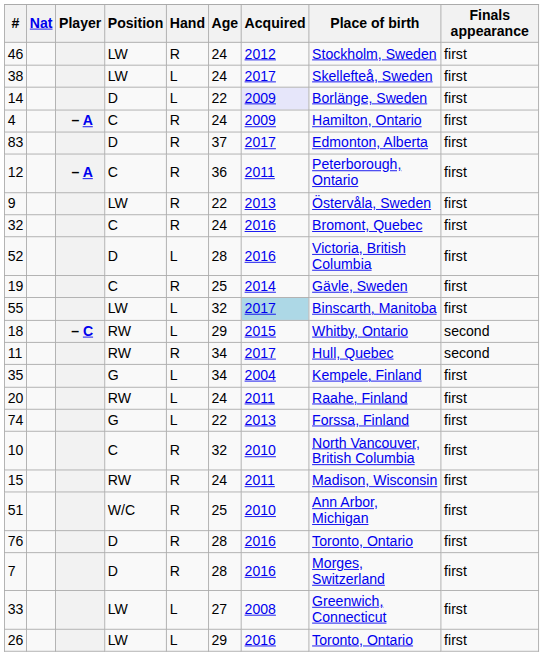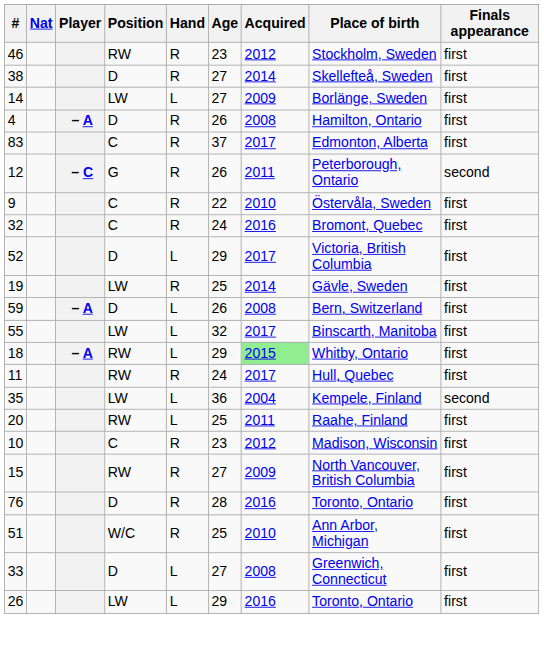 <table class="sortable wikitable plainrowheaders">
 <tr style="text-align:center;">
 </tr>
 <tr style="background:#dddddd;">
 <th scope="col">#</th>
 <th scope="col"><a href='#'>Nat</a></th>
 <th scope="col">Player</th>
 <th scope="col">Position</th>
 <th scope="col">Hand</th>
 <th scope="col">Age</th>
 <th scope="col">Acquired</th>
 <th scope="col" class="unsortable">Place of birth</th>
 <th scope="col" class="unsortable">Finals appearance</th>
 </tr>
 <tr>
 <td>46</td>
 <td></td>
 <th scope="row" align="left"></th>
-<td>LW</td>
+<td>RW</td>
 <td>R</td>
-<td>24</td>
+<td>23</td>
 <td><a href='#'>2012</a></td>
 <td align="left"><a href='#'>Stockholm, Sweden</a></td>
 <td align="left">first</td>
 </tr>
 <tr>
 <td>38</td>
 <td></td>
 <th scope="row" align="left"></th>
-<td>LW</td>
-<td>L</td>
-<td>24</td>
-<td><a href='#'>2017</a></td>
+<td>D</td>
+<td>R</td>
+<td>27</td>
+<td><a href='#'>2014</a></td>
 <td align="left"><a href='#'>Skellefteå, Sweden</a></td>
 <td align="left">first<br>   </td>
 </tr>
 <tr>
 <td>14</td>
 <td></td>
 <th scope="row" align="left"></th>
-<td>D</td>
+<td>LW</td>
 <td>L</td>
-<td>22</td>
-<td style="background: lavender;"><a href='#'>2009</a></td>
+<td>27</td>
+<td><a href='#'>2009</a></td>
 <td align="left"><a href='#'>Borlänge, Sweden</a></td>
 <td align="left">first</td>
 </tr>
 <tr>
 <td>4</td>
 <td></td>
 <th scope="row" align="left"> – <a href='#'>A</a></th>
-<td>C</td>
+<td>D</td>
 <td>R</td>
-<td>24</td>
-<td><a href='#'>2009</a></td>
+<td>26</td>
+<td><a href='#'>2008</a></td>
 <td align="left"><a href='#'>Hamilton, Ontario</a></td>
 <td align="left">first</td>
 </tr>
 <tr>
 <td>83</td>
 <td></td>
 <th scope="row" align="left"></th>
-<td>D</td>
+<td>C</td>
 <td>R</td>
 <td>37</td>
 <td><a href='#'>2017</a></td>
 <td align="left"><a href='#'>Edmonton, Alberta</a></td>
 <td align="left">first</td>
 </tr>
 <tr>
 <td>12</td>
 <td></td>
-<th scope="row" align="left"> – <a href='#'>A</a></th>
-<td>C</td>
+<th scope="row" align="left"> – <a href='#'>C</a></th>
+<td>G</td>
 <td>R</td>
-<td>36</td>
+<td>26</td>
 <td><a href='#'>2011</a></td>
 <td align="left"><a href='#'>Peterborough, Ontario</a></td>
-<td align="left">first</td>
+<td align="left">second </td>
 </tr>
 <tr>
 <td>9</td>
 <td></td>
 <th scope="row" align="left"></th>
-<td>LW</td>
+<td>C</td>
 <td>R</td>
 <td>22</td>
-<td><a href='#'>2013</a></td>
+<td><a href='#'>2010</a></td>
 <td align="left"><a href='#'>Östervåla, Sweden</a></td>
 <td align="left">first</td>
 </tr>
 <tr>
 <td>32</td>
 <td></td>
 <th scope="row" align="left"></th>
 <td>C</td>
 <td>R</td>
 <td>24</td>
 <td><a href='#'>2016</a></td>
 <td align="left"><a href='#'>Bromont, Quebec</a></td>
 <td align="left">first<br> </td>
 </tr>
 <tr>
 <td>52</td>
 <td></td>
 <th scope="row" align="left"></th>
 <td>D</td>
 <td>L</td>
-<td>28</td>
-<td><a href='#'>2016</a></td>
+<td>29</td>
+<td><a href='#'>2017</a></td>
 <td align="left"><a href='#'>Victoria, British Columbia</a></td>
 <td align="left">first</td>
 </tr>
 <tr>
 <td>19</td>
 <td></td>
 <th scope="row" align="left"></th>
-<td>C</td>
+<td>LW</td>
 <td>R</td>
 <td>25</td>
 <td><a href='#'>2014</a></td>
 <td align="left"><a href='#'>Gävle, Sweden</a></td>
+<td align="left">first<br></td>
+</tr>
+<tr>
+<td>59</td>
+<td></td>
+<th scope="row" align="left"> – <a href='#'>A</a></th>
+<td>D</td>
+<td>L</td>
+<td>26</td>
+<td><a href='#'>2008</a></td>
+<td align="left"><a href='#'>Bern, Switzerland</a></td>
 <td align="left">first<br></td>
 </tr>
 <tr>
 <td>55</td>
 <td></td>
 <th scope="row" align="left"></th>
 <td>LW</td>
 <td>L</td>
 <td>32</td>
-<td style="background: lightblue;"><a href='#'>2017</a></td>
+<td><a href='#'>2017</a></td>
 <td align="left"><a href='#'>Binscarth, Manitoba</a></td>
 <td align="left">first</td>
 </tr>
 <tr>
 <td>18</td>
 <td></td>
-<th scope="row" align="left"> – <a href='#'>C</a></th>
+<th scope="row" align="left"> – <a href='#'>A</a></th>
 <td>RW</td>
 <td>L</td>
 <td>29</td>
-<td><a href='#'>2015</a></td>
+<td style="background: lightgreen;"><a href='#'>2015</a></td>
 <td align="left"><a href='#'>Whitby, Ontario</a></td>
-<td align="left">second </td>
+<td align="left">first</td>
 </tr>
 <tr>
 <td>11</td>
 <td></td>
 <th scope="row" align="left"></th>
 <td>RW</td>
 <td>R</td>
-<td>34</td>
+<td>24</td>
 <td><a href='#'>2017</a></td>
 <td align="left"><a href='#'>Hull, Quebec</a></td>
-<td align="left">second </td>
+<td align="left">first</td>
 </tr>
 <tr>
 <td>35</td>
 <td></td>
 <th scope="row" align="left"></th>
-<td>G</td>
+<td>LW</td>
 <td>L</td>
-<td>34</td>
+<td>36</td>
 <td><a href='#'>2004</a></td>
 <td align="left"><a href='#'>Kempele, Finland</a></td>
-<td align="left">first</td>
+<td align="left">second </td>
 </tr>
 <tr>
 <td>20</td>
 <td></td>
 <th scope="row" align="left"></th>
 <td>RW</td>
 <td>L</td>
-<td>24</td>
+<td>25</td>
 <td><a href='#'>2011</a></td>
 <td align="left"><a href='#'>Raahe, Finland</a></td>
-<td align="left">first</td>
-</tr>
-<tr>
-<td>74</td>
-<td></td>
-<th scope="row" align="left"></th>
-<td>G</td>
-<td>L</td>
-<td>22</td>
-<td><a href='#'>2013</a></td>
-<td align="left"><a href='#'>Forssa, Finland</a></td>
 <td align="left">first</td>
 </tr>
 <tr>
 <td>10</td>
 <td></td>
 <th scope="row" align="left"></th>
 <td>C</td>
 <td>R</td>
-<td>32</td>
-<td><a href='#'>2010</a></td>
-<td align="left"><a href='#'>North Vancouver, British Columbia</a></td>
+<td>23</td>
+<td><a href='#'>2012</a></td>
+<td align="left"><a href='#'>Madison, Wisconsin</a></td>
 <td align="left">first</td>
 </tr>
 <tr>
 <td>15</td>
 <td></td>
 <th scope="row" align="left"></th>
 <td>RW</td>
 <td>R</td>
-<td>24</td>
-<td><a href='#'>2011</a></td>
-<td align="left"><a href='#'>Madison, Wisconsin</a></td>
+<td>27</td>
+<td><a href='#'>2009</a></td>
+<td align="left"><a href='#'>North Vancouver, British Columbia</a></td>
+<td align="left">first</td>
+</tr>
+<tr>
+<td>76</td>
+<td></td>
+<th scope="row" align="left"></th>
+<td>D</td>
+<td>R</td>
+<td>28</td>
+<td><a href='#'>2016</a></td>
+<td align="left"><a href='#'>Toronto, Ontario</a></td>
 <td align="left">first</td>
 </tr>
 <tr>
 <td>51</td>
 <td></td>
 <th scope="row" align="left"></th>
 <td>W/C</td>
 <td>R</td>
 <td>25</td>
 <td><a href='#'>2010</a></td>
 <td align="left"><a href='#'>Ann Arbor, Michigan</a></td>
 <td align="left">first</td>
 </tr>
 <tr>
-<td>76</td>
+<td>33</td>
 <td></td>
 <th scope="row" align="left"></th>
 <td>D</td>
-<td>R</td>
-<td>28</td>
-<td><a href='#'>2016</a></td>
-<td align="left"><a href='#'>Toronto, Ontario</a></td>
-<td align="left">first</td>
-</tr>
-<tr>
-<td>7</td>
-<td></td>
-<th scope="row" align="left"></th>
-<td>D</td>
-<td>R</td>
-<td>28</td>
-<td><a href='#'>2016</a></td>
-<td align="left"><a href='#'>Morges, Switzerland</a></td>
-<td align="left">first</td>
-</tr>
-<tr>
-<td>33</td>
-<td></td>
-<th scope="row" align="left"></th>
-<td>LW</td>
 <td>L</td>
 <td>27</td>
 <td><a href='#'>2008</a></td>
 <td align="left"><a href='#'>Greenwich, Connecticut</a></td>
 <td align="left">first</td>
 </tr>
 <tr>
 <td>26</td>
 <td></td>
 <th scope="row" align="left"></th>
 <td>LW</td>
 <td>L</td>
 <td>29</td>
 <td><a href='#'>2016</a></td>
 <td align="left"><a href='#'>Toronto, Ontario</a></td>
 <td align="left">first</td>
 </tr>
 </table>
